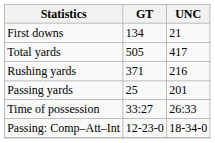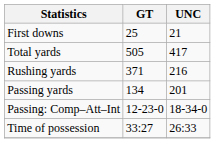 <table class="wikitable" style="float: left;">
 <tr>
 <th>Statistics</th>
 <th>GT</th>
 <th>UNC</th>
 </tr>
 <tr>
 <td>First downs</td>
-<td>134</td>
+<td>25</td>
 <td>21</td>
 </tr>
 <tr>
 <td>Total yards</td>
 <td>505</td>
 <td>417</td>
 </tr>
 <tr>
 <td>Rushing yards</td>
 <td>371</td>
 <td>216</td>
 </tr>
 <tr>
 <td>Passing yards</td>
-<td>25</td>
+<td>134</td>
 <td>201</td>
+</tr>
+<tr>
+<td>Passing: Comp–Att–Int</td>
+<td>12-23-0</td>
+<td>18-34-0</td>
 </tr>
 <tr>
 <td>Time of possession</td>
 <td>33:27</td>
 <td>26:33</td>
 </tr>
 <tr>
-<td>Passing: Comp–Att–Int</td>
-<td>12-23-0</td>
-<td>18-34-0</td>
-</tr>
-<tr>
 </tr>
 </table>
